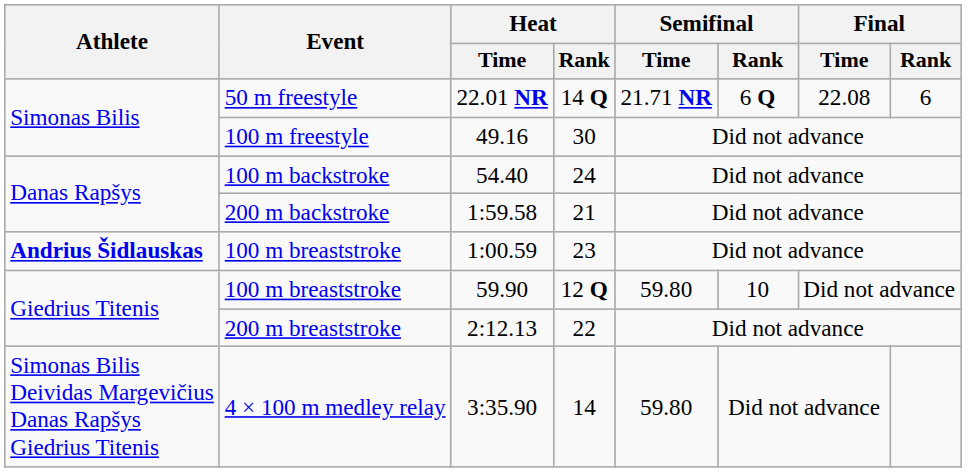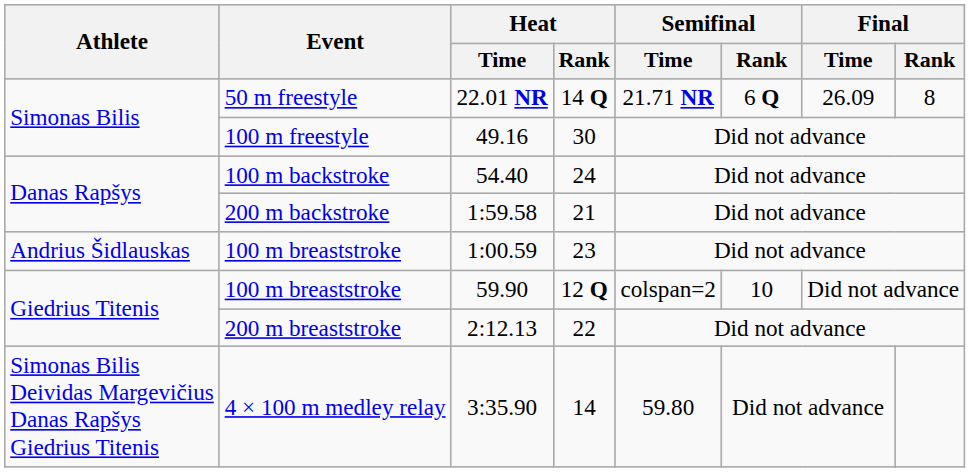 <table class=wikitable style="font-size:90%">
 <tr>
 <th rowspan="2">Athlete</th>
 <th rowspan="2">Event</th>
 <th colspan="2">Heat</th>
 <th colspan="2">Semifinal</th>
 <th colspan="2">Final</th>
 </tr>
 <tr style="font-size:95%">
 <th>Time</th>
 <th>Rank</th>
 <th>Time</th>
 <th>Rank</th>
 <th>Time</th>
 <th>Rank</th>
 </tr>
 <tr align=center>
 <td align=left rowspan=2><a href='#'>Simonas Bilis</a></td>
 <td align=left><a href='#'>50 m freestyle</a></td>
 <td>22.01 <strong><a href='#'>NR</a></strong></td>
 <td>14 <strong>Q</strong></td>
 <td>21.71 <strong><a href='#'>NR</a></strong></td>
 <td>6 <strong>Q</strong></td>
-<td>22.08</td>
-<td>6</td>
+<td>26.09</td>
+<td>8</td>
 </tr>
 <tr align=center>
 <td align=left><a href='#'>100 m freestyle</a></td>
 <td>49.16</td>
 <td>30</td>
 <td colspan=4>Did not advance</td>
 </tr>
 <tr align=center>
 <td align=left rowspan=2><a href='#'>Danas Rapšys</a></td>
 <td align=left><a href='#'>100 m backstroke</a></td>
 <td>54.40</td>
 <td>24</td>
 <td colspan=4>Did not advance</td>
 </tr>
 <tr align=center>
 <td align=left><a href='#'>200 m backstroke</a></td>
 <td>1:59.58</td>
 <td>21</td>
 <td colspan=4>Did not advance</td>
 </tr>
 <tr align=center>
-<td align=left><strong><a href='#'>Andrius Šidlauskas</a></strong></td>
+<td align=left><a href='#'>Andrius Šidlauskas</a></td>
 <td align=left><a href='#'>100 m breaststroke</a></td>
 <td>1:00.59</td>
 <td>23</td>
 <td colspan=4>Did not advance</td>
 </tr>
 <tr align=center>
 <td align=left rowspan=2><a href='#'>Giedrius Titenis</a></td>
 <td align=left><a href='#'>100 m breaststroke</a></td>
 <td>59.90</td>
 <td>12 <strong>Q</strong></td>
-<td>59.80</td>
+<td>colspan=2 </td>
 <td>10</td>
 <td colspan=4>Did not advance</td>
 </tr>
 <tr align=center>
 <td align=left><a href='#'>200 m breaststroke</a></td>
 <td>2:12.13</td>
 <td>22</td>
 <td colspan=4>Did not advance</td>
 </tr>
 <tr align=center>
 <td align=left><a href='#'>Simonas Bilis</a><br><a href='#'>Deividas Margevičius</a><br><a href='#'>Danas Rapšys</a><br><a href='#'>Giedrius Titenis</a></td>
 <td align=left><a href='#'>4 × 100 m medley relay</a></td>
 <td>3:35.90</td>
 <td>14</td>
 <td>59.80</td>
 <td colspan=2>Did not advance</td>
 </tr>
 </table>
